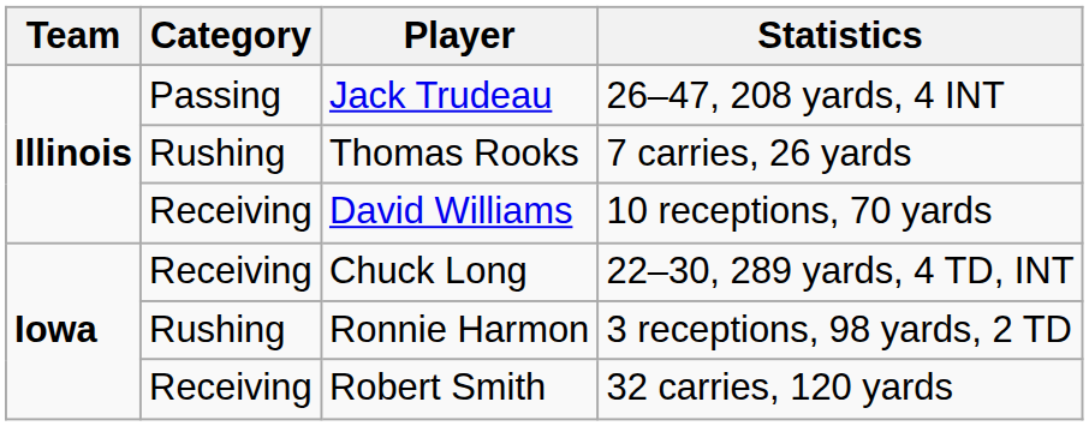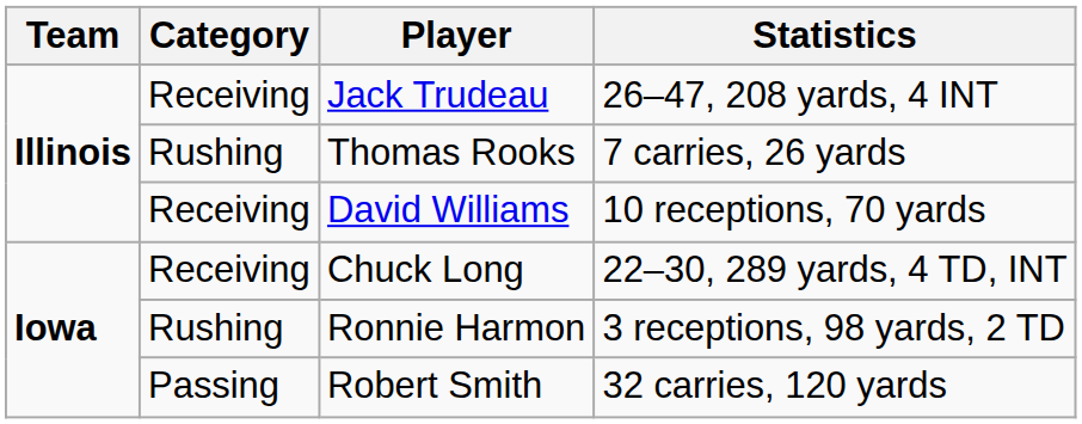 <table class="wikitable" style="float: left;">
 <tr>
 <th>Team</th>
 <th>Category</th>
 <th>Player</th>
 <th>Statistics</th>
 </tr>
 <tr>
 <td rowspan=3><strong>Illinois</strong></td>
-<td>Passing</td>
+<td>Receiving</td>
 <td><a href='#'>Jack Trudeau</a></td>
 <td>26–47, 208 yards, 4 INT</td>
 </tr>
 <tr>
 <td>Rushing</td>
 <td>Thomas Rooks</td>
 <td>7 carries, 26 yards</td>
 </tr>
 <tr>
 <td>Receiving</td>
 <td><a href='#'>David Williams</a></td>
 <td>10 receptions, 70 yards</td>
 </tr>
 <tr>
 <td rowspan=3><strong>Iowa</strong></td>
 <td>Receiving</td>
 <td>Chuck Long</td>
 <td>22–30, 289 yards, 4 TD, INT</td>
 </tr>
 <tr>
 <td>Rushing</td>
 <td>Ronnie Harmon</td>
 <td>3 receptions, 98 yards, 2 TD</td>
 </tr>
 <tr>
-<td>Receiving</td>
+<td>Passing</td>
 <td>Robert Smith</td>
 <td>32 carries, 120 yards</td>
 </tr>
 </table>
